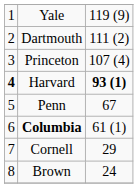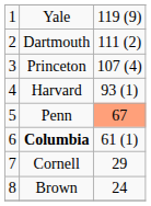 <table class="wikitable">
 <tr align="center">
 </tr>
 <tr align="center">
 <td>1</td>
 <td>Yale</td>
 <td>119 (9)</td>
 </tr>
 <tr align="center">
 <td>2</td>
 <td>Dartmouth</td>
 <td>111 (2)</td>
 </tr>
 <tr align="center">
 <td>3</td>
 <td>Princeton</td>
 <td>107 (4)</td>
 </tr>
 <tr align="center">
-<td><strong>4</strong></td>
+<td>4</td>
 <td>Harvard</td>
-<td><strong>93 (1)</strong></td>
+<td>93 (1)</td>
 </tr>
 <tr align="center">
 <td>5</td>
 <td>Penn</td>
-<td>67</td>
+<td style="background: lightsalmon;">67</td>
 </tr>
 <tr align="center">
 <td>6</td>
 <td><strong>Columbia</strong></td>
 <td>61 (1)</td>
 </tr>
 <tr align="center">
 <td>7</td>
 <td>Cornell</td>
 <td>29</td>
 </tr>
 <tr align="center">
 <td>8</td>
 <td>Brown</td>
 <td>24</td>
 </tr>
 <tr>
 </tr>
 </table>
